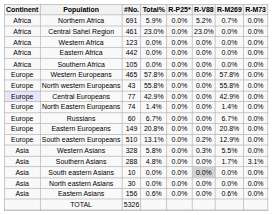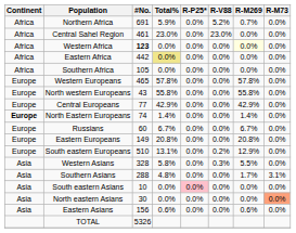 <table class="wikitable sortable" style="text-align:center; font-size: 70%">
 <tr>
 <th>Continent</th>
 <th>Population</th>
 <th>#No.</th>
 <th>Total%</th>
 <th>R-P25*</th>
 <th>R-V88</th>
 <th>R-M269</th>
 <th>R-M73</th>
 </tr>
 <tr>
 <td>Africa</td>
 <td>Northern Africa</td>
 <td>691</td>
 <td>5.9%</td>
 <td>0.0%</td>
 <td>5.2%</td>
 <td>0.7%</td>
 <td>0.0%</td>
 </tr>
 <tr>
 <td>Africa</td>
 <td>Central Sahel Region</td>
 <td>461</td>
 <td>23.0%</td>
 <td>0.0%</td>
 <td>23.0%</td>
 <td>0.0%</td>
 <td>0.0%</td>
 </tr>
 <tr>
 <td>Africa</td>
 <td>Western Africa</td>
-<td>123</td>
+<td><strong>123</strong></td>
 <td>0.0%</td>
 <td>0.0%</td>
 <td>0.0%</td>
-<td>0.0%</td>
+<td style="background: lightyellow;">0.0%</td>
 <td>0.0%</td>
 </tr>
 <tr>
 <td>Africa</td>
 <td>Eastern Africa</td>
 <td>442</td>
-<td>0.0%</td>
+<td style="background: khaki;">0.0%</td>
 <td>0.0%</td>
 <td>0.0%</td>
 <td>0.0%</td>
 <td>0.0%</td>
 </tr>
 <tr>
 <td>Africa</td>
 <td>Southern Africa</td>
 <td>105</td>
 <td>0.0%</td>
 <td>0.0%</td>
 <td>0.0%</td>
 <td>0.0%</td>
 <td>0.0%</td>
 </tr>
 <tr>
 <td>Europe</td>
 <td>Western Europeans</td>
 <td>465</td>
 <td>57.8%</td>
 <td>0.0%</td>
 <td>0.0%</td>
 <td>57.8%</td>
 <td>0.0%</td>
 </tr>
 <tr>
 <td>Europe</td>
 <td>North western Europeans</td>
 <td>43</td>
 <td>55.8%</td>
 <td>0.0%</td>
 <td>0.0%</td>
 <td>55.8%</td>
 <td>0.0%</td>
 </tr>
 <tr>
-<td style="background: lavender;">Europe</td>
+<td>Europe</td>
 <td>Central Europeans</td>
 <td>77</td>
 <td>42.9%</td>
 <td>0.0%</td>
 <td>0.0%</td>
 <td>42.9%</td>
 <td>0.0%</td>
 </tr>
 <tr>
-<td>Europe</td>
+<td><strong>Europe</strong></td>
 <td>North Eastern Europeans</td>
 <td>74</td>
 <td>1.4%</td>
 <td>0.0%</td>
 <td>0.0%</td>
 <td>1.4%</td>
 <td>0.0%</td>
 </tr>
 <tr>
 <td>Europe</td>
 <td>Russians</td>
 <td>60</td>
 <td>6.7%</td>
 <td>0.0%</td>
 <td>0.0%</td>
 <td>6.7%</td>
 <td>0.0%</td>
 </tr>
 <tr>
 <td>Europe</td>
 <td>Eastern Europeans</td>
 <td>149</td>
 <td>20.8%</td>
 <td>0.0%</td>
 <td>0.0%</td>
 <td>20.8%</td>
 <td>0.0%</td>
 </tr>
 <tr>
 <td>Europe</td>
 <td>South eastern Europeans</td>
 <td>510</td>
 <td>13.1%</td>
 <td>0.0%</td>
 <td>0.2%</td>
 <td>12.9%</td>
 <td>0.0%</td>
 </tr>
 <tr>
 <td>Asia</td>
 <td>Western Asians</td>
 <td>328</td>
 <td>5.8%</td>
 <td>0.0%</td>
 <td>0.3%</td>
 <td>5.5%</td>
 <td>0.0%</td>
 </tr>
 <tr>
 <td>Asia</td>
 <td>Southern Asians</td>
 <td>288</td>
 <td>4.8%</td>
 <td>0.0%</td>
 <td>0.0%</td>
 <td>1.7%</td>
 <td>3.1%</td>
 </tr>
 <tr>
 <td>Asia</td>
 <td>South eastern Asians</td>
 <td>10</td>
 <td>0.0%</td>
+<td style="background: pink;">0.0%</td>
 <td>0.0%</td>
-<td style="background: lightgrey;">0.0%</td>
 <td>0.0%</td>
 <td>0.0%</td>
 </tr>
 <tr>
 <td>Asia</td>
 <td>North eastern Asians</td>
 <td>30</td>
 <td>0.0%</td>
 <td>0.0%</td>
 <td>0.0%</td>
 <td>0.0%</td>
-<td>0.0%</td>
+<td style="background: lightsalmon;">0.0%</td>
 </tr>
 <tr>
 <td>Asia</td>
 <td>Eastern Asians</td>
 <td>156</td>
 <td>0.6%</td>
 <td>0.0%</td>
 <td>0.0%</td>
 <td>0.6%</td>
 <td>0.0%</td>
 </tr>
 <tr>
 <td></td>
 <td>TOTAL</td>
 <td>5326</td>
 <td></td>
 <td></td>
 <td></td>
 <td></td>
 <td></td>
 </tr>
 <tr>
 </tr>
 </table>
